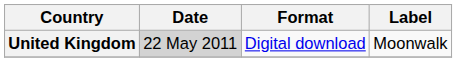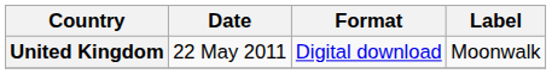 <table class="wikitable plainrowheaders">
 <tr>
 <th scope="col">Country</th>
 <th scope="col">Date</th>
 <th scope="col">Format</th>
 <th scope="col">Label</th>
 </tr>
 <tr>
 <th scope="row">United Kingdom</th>
-<td style="background: lightgrey;">22 May 2011</td>
+<td>22 May 2011</td>
 <td><a href='#'>Digital download</a></td>
 <td>Moonwalk</td>
 </tr>
 <tr>
 </tr>
 </table>
